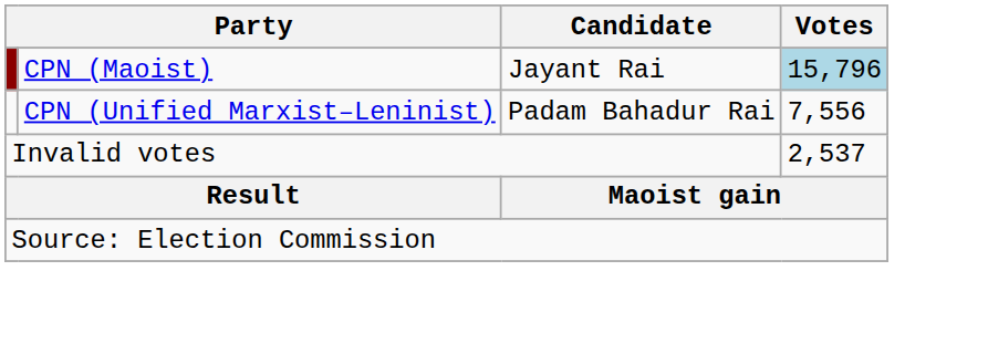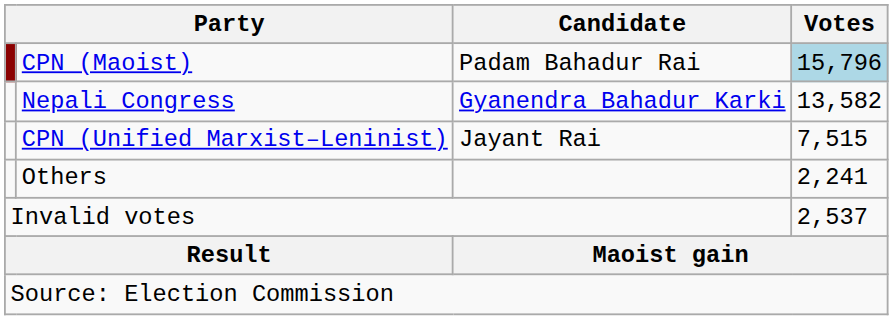 <table class="wikitable">
 <tr>
 <th colspan="2">Party</th>
 <th>Candidate</th>
 <th>Votes</th>
 </tr>
 <tr>
 <td style="background-color:darkred"></td>
 <td><a href='#'>CPN (Maoist)</a></td>
-<td>Jayant Rai</td>
+<td>Padam Bahadur Rai</td>
 <td style="background: lightblue;">15,796</td>
 </tr>
 <tr>
 <td style="background-color:"></td>
+<td><a href='#'>Nepali Congress</a></td>
+<td><a href='#'>Gyanendra Bahadur Karki</a></td>
+<td>13,582</td>
+</tr>
+<tr>
+<td style="background-color:"></td>
 <td><a href='#'>CPN (Unified Marxist–Leninist)</a></td>
-<td>Padam Bahadur Rai</td>
-<td>7,556</td>
+<td>Jayant Rai</td>
+<td>7,515</td>
+</tr>
+<tr>
+<td></td>
+<td>Others</td>
+<td></td>
+<td>2,241</td>
 </tr>
 <tr>
 <td colspan="3">Invalid votes</td>
 <td>2,537</td>
 </tr>
 <tr>
 <th colspan="2">Result</th>
 <th colspan="2">Maoist gain</th>
 </tr>
 <tr>
 <td colspan="4">Source: Election Commission</td>
 </tr>
 </table>
